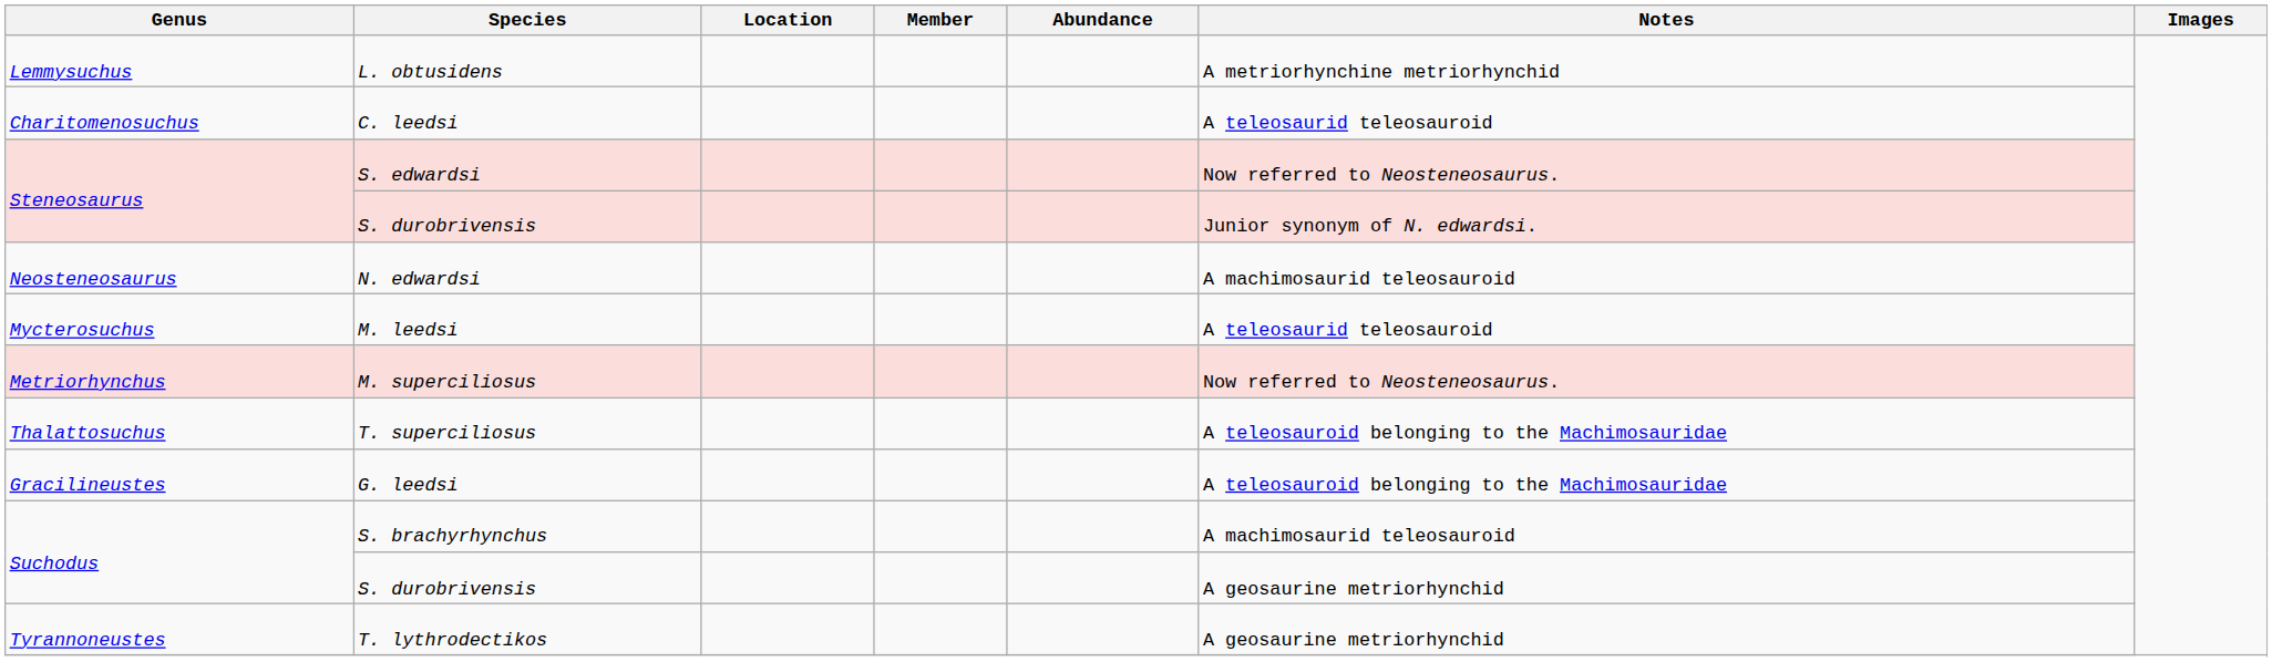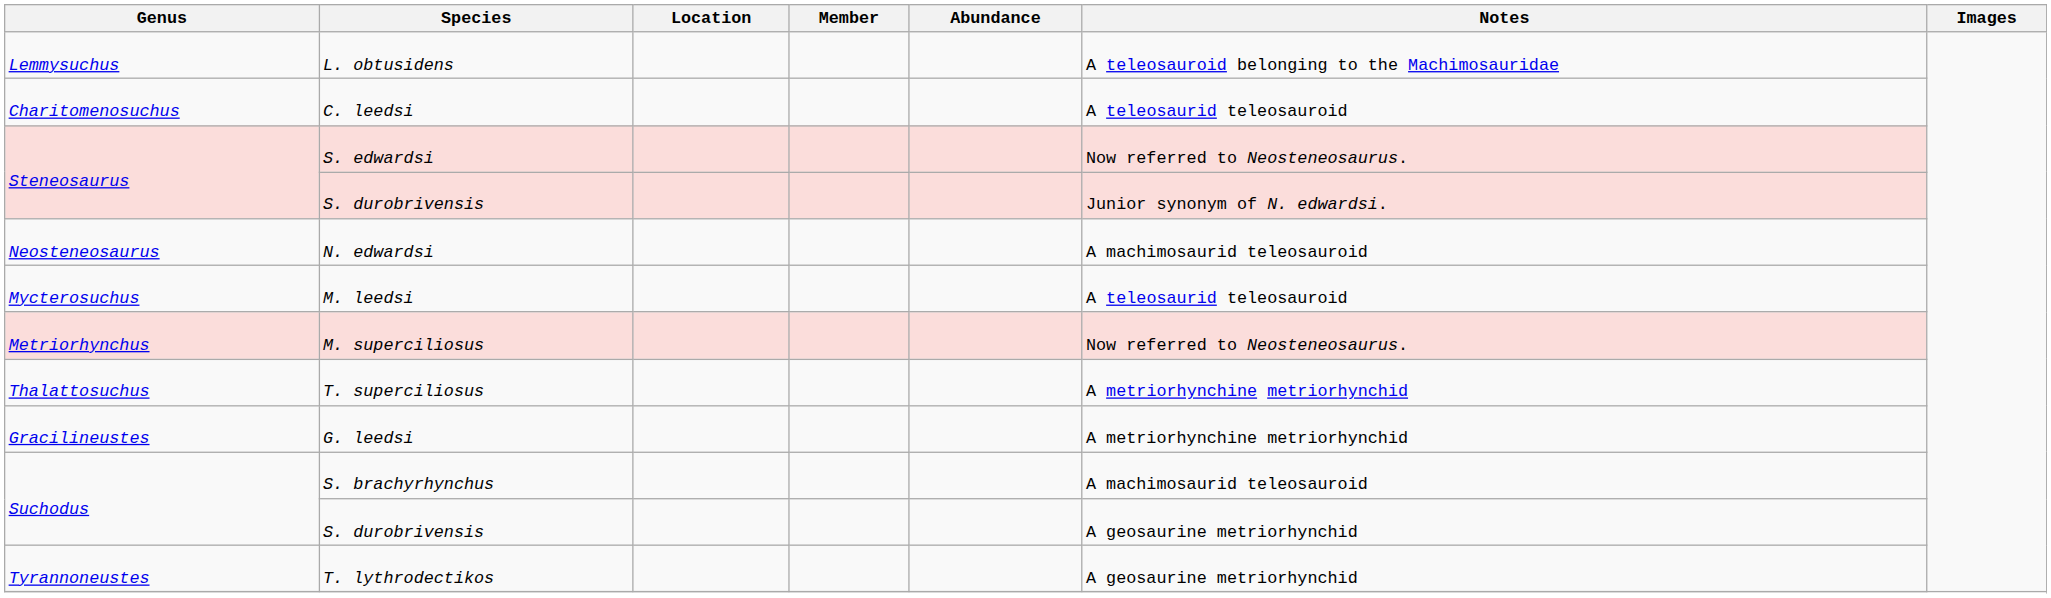 <table class="wikitable" align="center" width="100%">
 <tr>
 <th>Genus</th>
 <th>Species</th>
 <th>Location</th>
 <th>Member</th>
 <th>Abundance</th>
 <th>Notes</th>
 <th>Images</th>
 </tr>
 <tr>
 <td><br><em><a href='#'>Lemmysuchus</a></em></td>
 <td><br><em>L. obtusidens</em></td>
 <td></td>
 <td></td>
 <td></td>
-<td><br>A metriorhynchine metriorhynchid</td>
+<td><br>A <a href='#'>teleosauroid</a> belonging to the <a href='#'>Machimosauridae</a></td>
 <td rowspan="99"><br>   </td>
 </tr>
 <tr>
 <td><br><em><a href='#'>Charitomenosuchus</a></em></td>
 <td><br><em>C. leedsi</em></td>
 <td></td>
 <td></td>
 <td></td>
 <td><br>A <a href='#'>teleosaurid</a> teleosauroid</td>
 </tr>
 <tr>
 <td rowspan="2" style="background:#fbdddb;"><br><em><a href='#'>Steneosaurus</a></em></td>
 <td style="background:#fbdddb;"><br><em>S. edwardsi</em></td>
 <td style="background:#fbdddb;"></td>
 <td style="background:#fbdddb;"></td>
 <td style="background:#fbdddb;"></td>
 <td style="background:#fbdddb;"><br>Now referred to <em>Neosteneosaurus</em>.</td>
 </tr>
 <tr>
 <td style="background:#fbdddb;"><br><em>S. durobrivensis</em></td>
 <td style="background:#fbdddb;"></td>
 <td style="background:#fbdddb;"></td>
 <td style="background:#fbdddb;"></td>
 <td style="background:#fbdddb;"><br>Junior synonym of <em>N. edwardsi</em>.</td>
 </tr>
 <tr>
 <td><br><em><a href='#'>Neosteneosaurus</a></em></td>
 <td><br><em>N. edwardsi</em></td>
 <td></td>
 <td></td>
 <td></td>
 <td><br>A machimosaurid teleosauroid</td>
 </tr>
 <tr>
 <td><br><em><a href='#'>Mycterosuchus</a></em></td>
 <td><br><em>M. leedsi</em></td>
 <td></td>
 <td></td>
 <td></td>
 <td><br>A <a href='#'>teleosaurid</a> teleosauroid</td>
 </tr>
 <tr>
 <td style="background:#fbdddb;"><br><em><a href='#'>Metriorhynchus</a></em></td>
 <td style="background:#fbdddb;"><br><em>M. superciliosus</em></td>
 <td style="background:#fbdddb;"></td>
 <td style="background:#fbdddb;"></td>
 <td style="background:#fbdddb;"></td>
 <td style="background:#fbdddb;"><br>Now referred to <em>Neosteneosaurus</em>.</td>
 </tr>
 <tr>
 <td><br><em><a href='#'>Thalattosuchus</a></em></td>
 <td><br><em>T. superciliosus</em></td>
 <td></td>
 <td></td>
 <td></td>
-<td><br>A <a href='#'>teleosauroid</a> belonging to the <a href='#'>Machimosauridae</a></td>
+<td><br>A <a href='#'>metriorhynchine</a> <a href='#'>metriorhynchid</a></td>
 </tr>
 <tr>
 <td><br><em><a href='#'>Gracilineustes</a></em></td>
 <td><br><em>G. leedsi</em></td>
 <td></td>
 <td></td>
 <td></td>
-<td><br>A <a href='#'>teleosauroid</a> belonging to the <a href='#'>Machimosauridae</a></td>
+<td><br>A metriorhynchine metriorhynchid</td>
 </tr>
 <tr>
 <td rowspan="2"><br><em><a href='#'>Suchodus</a></em></td>
 <td><br><em>S. brachyrhynchus</em></td>
 <td></td>
 <td></td>
 <td></td>
 <td><br>A machimosaurid teleosauroid</td>
 </tr>
 <tr>
 <td><br><em>S. durobrivensis</em></td>
 <td></td>
 <td></td>
 <td></td>
 <td><br>A geosaurine metriorhynchid</td>
 </tr>
 <tr>
 <td><br><em><a href='#'>Tyrannoneustes</a></em></td>
 <td><br><em>T. lythrodectikos</em></td>
 <td></td>
 <td></td>
 <td></td>
 <td><br>A geosaurine metriorhynchid</td>
 </tr>
 <tr>
 </tr>
 </table>
